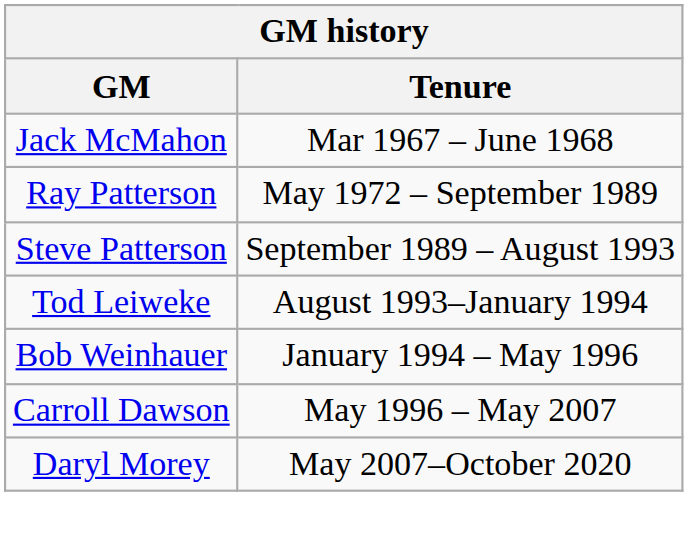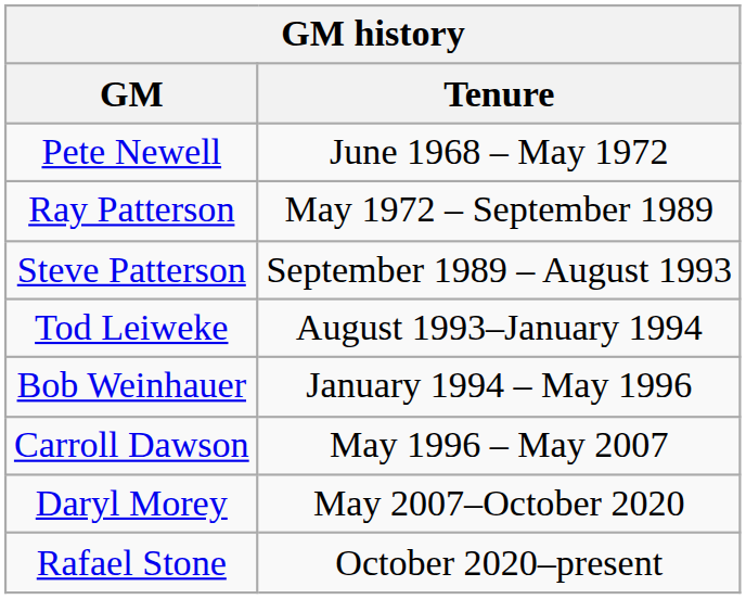 <table class="wikitable" style="text-align:center">
 <tr>
 <th colspan="2">GM history</th>
 </tr>
 <tr>
 <th>GM</th>
 <th>Tenure</th>
 </tr>
 <tr>
-<td><a href='#'>Jack McMahon</a></td>
-<td>Mar 1967 – June 1968</td>
+<td><a href='#'>Pete Newell</a></td>
+<td>June 1968 – May 1972</td>
 </tr>
 <tr>
 <td><a href='#'>Ray Patterson</a></td>
 <td>May 1972 – September 1989</td>
 </tr>
 <tr>
 <td><a href='#'>Steve Patterson</a></td>
 <td>September 1989 – August 1993</td>
 </tr>
 <tr>
 <td><a href='#'>Tod Leiweke</a></td>
 <td>August 1993–January 1994</td>
 </tr>
 <tr>
 <td><a href='#'>Bob Weinhauer</a></td>
 <td>January 1994 – May 1996</td>
 </tr>
 <tr>
 <td><a href='#'>Carroll Dawson</a></td>
 <td>May 1996 – May 2007</td>
 </tr>
 <tr>
 <td><a href='#'>Daryl Morey</a></td>
 <td>May 2007–October 2020</td>
 </tr>
+<tr>
+<td><a href='#'>Rafael Stone</a></td>
+<td>October 2020–present</td>
+</tr>
 </table>
